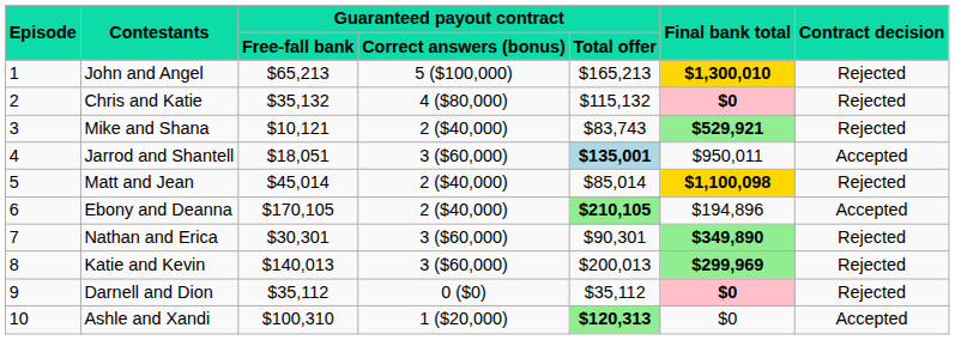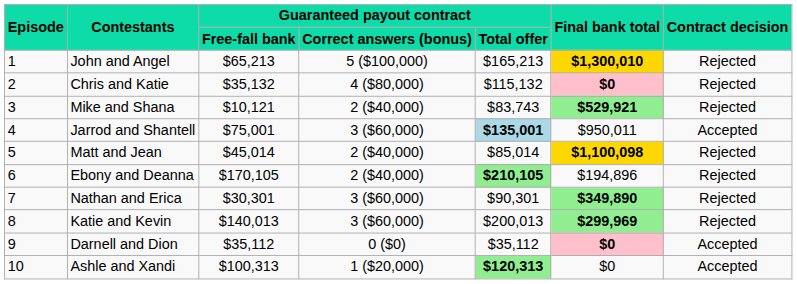 <table class="wikitable">
 <tr>
 <th rowspan="2" style="text-align:center; background-color:#0DDBA8;">Episode</th>
 <th rowspan="2" style="text-align:center; background-color:#0DDBA8;">Contestants</th>
 <th colspan="3" style="text-align:center; background-color:#0DDBA8;">Guaranteed payout contract</th>
 <th rowspan="2" style="text-align:center; background-color:#0DDBA8;">Final bank total</th>
 <th rowspan="2" style="text-align:center; background-color:#0DDBA8;">Contract decision</th>
 </tr>
 <tr>
 <th style="text-align:center; background-color:#0DDBA8;">Free-fall bank</th>
 <th style="text-align:center; background-color:#0DDBA8;">Correct answers (bonus)</th>
 <th style="text-align:center; background-color:#0DDBA8;">Total offer</th>
 </tr>
 <tr>
 <td>1</td>
 <td>John and Angel</td>
 <td style="text-align:center">$65,213</td>
 <td style="text-align:center">5 ($100,000)</td>
 <td style="text-align:center">$165,213</td>
 <td style="text-align:center; background-color:gold;"><strong>$1,300,010</strong></td>
 <td style="text-align:center">Rejected</td>
 </tr>
 <tr>
 <td>2</td>
 <td>Chris and Katie</td>
 <td style="text-align:center">$35,132</td>
 <td style="text-align:center">4 ($80,000)</td>
 <td style="text-align:center">$115,132</td>
 <td style="text-align:center; background-color:pink;"><strong>$0</strong></td>
 <td style="text-align:center">Rejected</td>
 </tr>
 <tr>
 <td>3</td>
 <td>Mike and Shana</td>
 <td style="text-align:center">$10,121</td>
 <td style="text-align:center">2 ($40,000)</td>
 <td style="text-align:center">$83,743</td>
 <td style="text-align:center; background-color:lightgreen;"><strong>$529,921</strong></td>
 <td style="text-align:center">Rejected</td>
 </tr>
 <tr>
 <td>4</td>
 <td>Jarrod and Shantell</td>
-<td style="text-align:center">$18,051</td>
+<td style="text-align:center">$75,001</td>
 <td style="text-align:center">3 ($60,000)</td>
 <td style="text-align:center; background-color:lightblue;"><strong>$135,001</strong></td>
 <td style="text-align:center;">$950,011</td>
 <td style="text-align:center">Accepted</td>
 </tr>
 <tr>
 <td>5</td>
 <td>Matt and Jean</td>
 <td style="text-align:center">$45,014</td>
 <td style="text-align:center">2 ($40,000)</td>
 <td style="text-align:center">$85,014</td>
 <td style="text-align:center; background-color:gold;"><strong>$1,100,098</strong></td>
 <td style="text-align:center">Rejected</td>
 </tr>
 <tr>
 <td>6</td>
 <td>Ebony and Deanna</td>
 <td style="text-align:center">$170,105</td>
 <td style="text-align:center">2 ($40,000)</td>
 <td style="text-align:center; background-color:lightgreen;"><strong>$210,105</strong></td>
 <td style="text-align:center">$194,896</td>
-<td style="text-align:center">Accepted</td>
+<td style="text-align:center">Rejected</td>
 </tr>
 <tr>
 <td>7</td>
 <td>Nathan and Erica</td>
 <td style="text-align:center">$30,301</td>
 <td style="text-align:center">3 ($60,000)</td>
 <td style="text-align:center">$90,301</td>
 <td style="text-align:center; background-color:lightgreen;"><strong>$349,890</strong></td>
 <td style="text-align:center">Rejected</td>
 </tr>
 <tr>
 <td>8</td>
 <td>Katie and Kevin</td>
 <td style="text-align:center">$140,013</td>
 <td style="text-align:center">3 ($60,000)</td>
 <td style="text-align:center">$200,013</td>
 <td style="text-align:center; background-color:lightgreen;"><strong>$299,969</strong></td>
 <td style="text-align:center">Rejected</td>
 </tr>
 <tr>
 <td>9</td>
 <td>Darnell and Dion</td>
 <td style="text-align:center">$35,112</td>
 <td style="text-align:center">0 ($0)</td>
 <td style="text-align:center">$35,112</td>
 <td style="text-align:center; background-color:pink;"><strong>$0</strong></td>
-<td style="text-align:center">Rejected</td>
+<td style="text-align:center">Accepted</td>
 </tr>
 <tr>
 <td>10</td>
 <td>Ashle and Xandi</td>
-<td style="text-align:center">$100,310</td>
+<td style="text-align:center">$100,313</td>
 <td style="text-align:center">1 ($20,000)</td>
 <td style="text-align:center; background-color:lightgreen;"><strong>$120,313</strong></td>
 <td style="text-align:center">$0</td>
 <td style="text-align:center">Accepted</td>
 </tr>
 </table>
